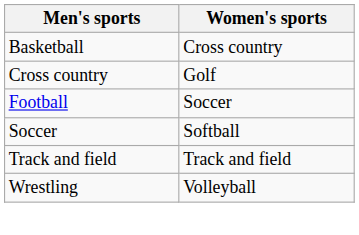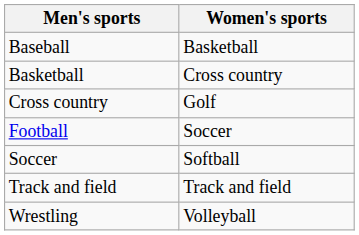 <table class="wikitable"; style= "text-align: ">
 <tr>
 <th width=150px>Men's sports</th>
 <th width=150px>Women's sports</th>
+</tr>
+<tr>
+<td>Baseball</td>
+<td>Basketball</td>
 </tr>
 <tr>
 <td>Basketball</td>
 <td>Cross country</td>
 </tr>
 <tr>
 <td>Cross country</td>
 <td>Golf</td>
 </tr>
 <tr>
 <td><a href='#'>Football</a></td>
 <td>Soccer</td>
 </tr>
 <tr>
 <td>Soccer</td>
 <td>Softball</td>
 </tr>
 <tr>
 <td>Track and field</td>
 <td>Track and field</td>
 </tr>
 <tr>
 <td>Wrestling</td>
 <td>Volleyball</td>
 </tr>
 </table>
